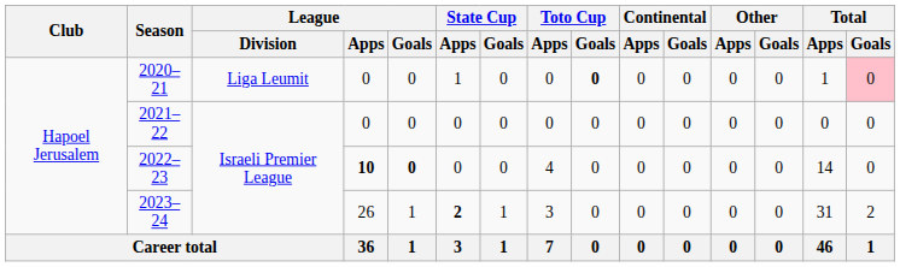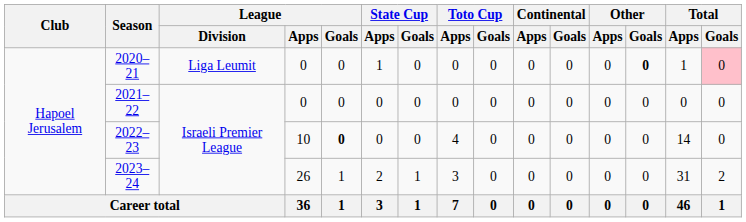 <table class="wikitable" style="text-align: center">
 <tr>
 <th rowspan="2">Club</th>
 <th rowspan="2">Season</th>
 <th colspan="3">League</th>
 <th colspan="2"><a href='#'>State Cup</a></th>
 <th colspan="2"><a href='#'>Toto Cup</a></th>
 <th colspan="2">Continental</th>
 <th colspan="2">Other</th>
 <th colspan="2">Total</th>
 </tr>
 <tr>
 <th>Division</th>
 <th>Apps</th>
 <th>Goals</th>
 <th>Apps</th>
 <th>Goals</th>
 <th>Apps</th>
 <th>Goals</th>
 <th>Apps</th>
 <th>Goals</th>
 <th>Apps</th>
 <th>Goals</th>
 <th>Apps</th>
 <th>Goals</th>
 </tr>
 <tr>
 <td rowspan="4"><a href='#'>Hapoel Jerusalem</a></td>
 <td><a href='#'>2020–21</a></td>
 <td rowspan="1"><a href='#'>Liga Leumit</a></td>
 <td>0</td>
 <td>0</td>
 <td>1</td>
 <td>0</td>
 <td>0</td>
-<td><strong>0</strong></td>
 <td>0</td>
 <td>0</td>
 <td>0</td>
 <td>0</td>
+<td><strong>0</strong></td>
 <td>1</td>
 <td style="background: pink;">0</td>
 </tr>
 <tr>
 <td><a href='#'>2021–22</a></td>
 <td rowspan="3"><a href='#'>Israeli Premier League</a></td>
 <td>0</td>
 <td>0</td>
 <td>0</td>
 <td>0</td>
 <td>0</td>
 <td>0</td>
 <td>0</td>
 <td>0</td>
 <td>0</td>
 <td>0</td>
 <td>0</td>
 <td>0</td>
 </tr>
 <tr>
 <td><a href='#'>2022–23</a></td>
-<td><strong>10</strong></td>
+<td>10</td>
 <td><strong>0</strong></td>
 <td>0</td>
 <td>0</td>
 <td>4</td>
 <td>0</td>
 <td>0</td>
 <td>0</td>
 <td>0</td>
 <td>0</td>
 <td>14</td>
 <td>0</td>
 </tr>
 <tr>
 <td><a href='#'>2023–24</a></td>
 <td>26</td>
 <td>1</td>
-<td><strong>2</strong></td>
+<td>2</td>
 <td>1</td>
 <td>3</td>
 <td>0</td>
 <td>0</td>
 <td>0</td>
 <td>0</td>
 <td>0</td>
 <td>31</td>
 <td>2</td>
 </tr>
 <tr>
 <th colspan="3">Career total</th>
 <th>36</th>
 <th>1</th>
 <th>3</th>
 <th>1</th>
 <th>7</th>
 <th>0</th>
 <th>0</th>
 <th>0</th>
 <th>0</th>
 <th>0</th>
 <th>46</th>
 <th>1</th>
 </tr>
 </table>
